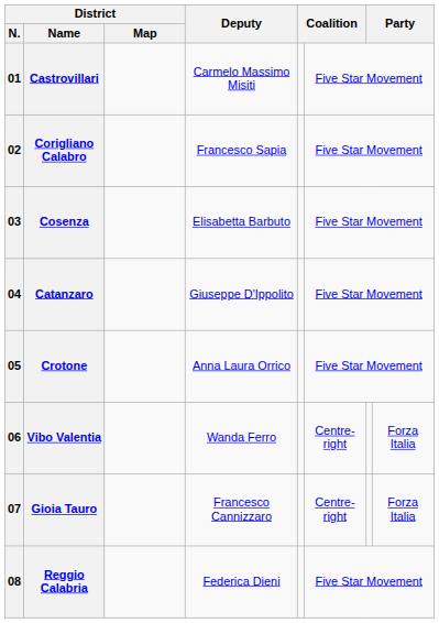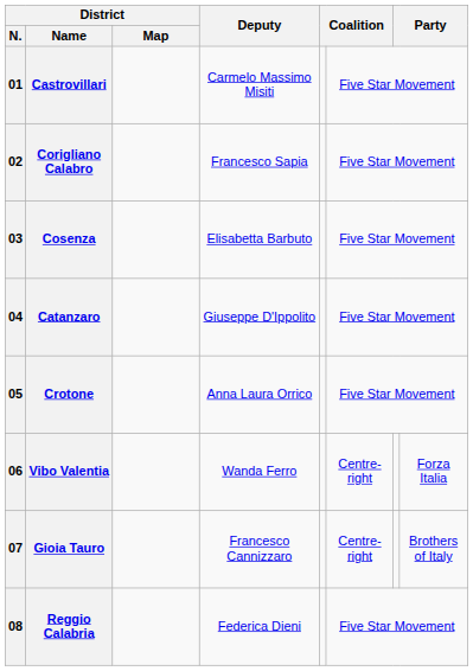 <table class="wikitable" style="text-align:center; style="width=65%">
 <tr>
 <th width=35% colspan="3">District</th>
 <th width=25% rowspan="2">Deputy</th>
 <th width=15% colspan="2" rowspan="2">Coalition</th>
 <th width=15% colspan="2" rowspan="2">Party</th>
 </tr>
 <tr>
 <th width=1%>N.</th>
 <th width=18%>Name</th>
 <th width=18%>Map</th>
 </tr>
 <tr style="height:6em;">
 <th>01</th>
 <th><a href='#'>Castrovillari</a></th>
 <td></td>
 <td><a href='#'>Carmelo Massimo Misiti</a></td>
 <td style="background:"></td>
 <td colspan=3><a href='#'>Five Star Movement</a></td>
 </tr>
 <tr style="height:6em;">
 <th>02</th>
 <th><a href='#'>Corigliano Calabro</a></th>
 <td></td>
 <td><a href='#'>Francesco Sapia</a></td>
 <td style="background:"></td>
 <td colspan=3><a href='#'>Five Star Movement</a></td>
 </tr>
 <tr style="height:6em;">
 <th>03</th>
 <th><a href='#'>Cosenza</a></th>
 <td></td>
 <td><a href='#'>Elisabetta Barbuto</a></td>
 <td style="background:"></td>
 <td colspan=3><a href='#'>Five Star Movement</a></td>
 </tr>
 <tr style="height:6em;">
 <th>04</th>
 <th><a href='#'>Catanzaro</a></th>
 <td></td>
 <td><a href='#'>Giuseppe D'Ippolito</a></td>
 <td style="background:"></td>
 <td colspan=3><a href='#'>Five Star Movement</a></td>
 </tr>
 <tr style="height:6em;">
 <th>05</th>
 <th><a href='#'>Crotone</a></th>
 <td></td>
 <td><a href='#'>Anna Laura Orrico</a></td>
 <td style="background:"></td>
 <td colspan=3><a href='#'>Five Star Movement</a></td>
 </tr>
 <tr style="height:6em;">
 <th>06</th>
 <th><a href='#'>Vibo Valentia</a></th>
 <td></td>
 <td><a href='#'>Wanda Ferro</a></td>
 <td style="background:"></td>
 <td><a href='#'>Centre-right</a></td>
 <td style="background:"></td>
 <td><a href='#'>Forza Italia</a></td>
 </tr>
 <tr style="height:6em;">
 <th>07</th>
 <th><a href='#'>Gioia Tauro</a></th>
 <td></td>
 <td><a href='#'>Francesco Cannizzaro</a></td>
 <td style="background:"></td>
 <td><a href='#'>Centre-right</a></td>
 <td style="background:"></td>
-<td><a href='#'>Forza Italia</a></td>
+<td><a href='#'>Brothers of Italy</a></td>
 </tr>
 <tr style="height:6em;">
 <th>08</th>
 <th><a href='#'>Reggio Calabria</a></th>
 <td></td>
 <td><a href='#'>Federica Dieni</a></td>
 <td style="background:"></td>
 <td colspan=3><a href='#'>Five Star Movement</a></td>
 </tr>
 </table>
